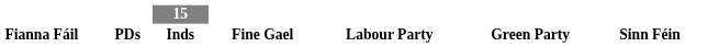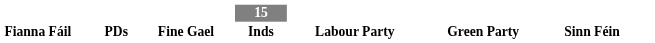 <table style="width:90%; text-align:center;">
 <tr style="color:white;">
 <td style="background:"><strong>81</strong></td>
 <td style="background:"><strong>8</strong></td>
+<td style="background:"><strong>31</strong></td>
 <td style="background:grey; width:7.8%;"><strong>15</strong></td>
-<td style="background:"><strong>31</strong></td>
 <td style="background:"><strong>20</strong></td>
 <td style="background:"><strong>6</strong></td>
 <td style="background:"><strong>5</strong></td>
 <td style="background:"><strong>1</strong></td>
 </tr>
 <tr>
 <td><span><strong>Fianna Fáil</strong></span></td>
 <td><span><strong>PDs</strong></span></td>
+<td><span><strong>Fine Gael</strong></span></td>
 <td><span><strong>Inds</strong></span></td>
-<td><span><strong>Fine Gael</strong></span></td>
 <td><span><strong>Labour Party</strong></span></td>
 <td><span><strong>Green Party</strong></span></td>
 <td><span><strong>Sinn Féin</strong></span></td>
 <td></td>
 </tr>
 </table>
